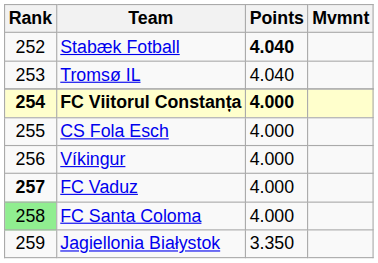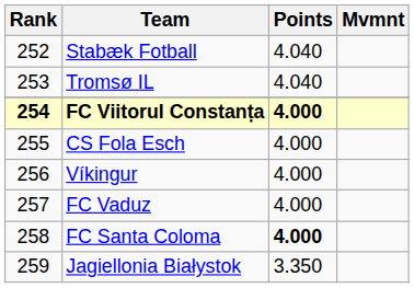 <table class="wikitable" style="text-align: center;">
 <tr>
 <th>Rank</th>
 <th>Team</th>
 <th>Points</th>
 <th>Mvmnt</th>
 </tr>
 <tr>
 <td>252</td>
 <td align=left> <a href='#'>Stabæk Fotball</a></td>
-<td align=left><strong>4.040</strong></td>
+<td align=left>4.040</td>
 <td align=left></td>
 </tr>
 <tr>
 <td>253</td>
 <td align=left> <a href='#'>Tromsø IL</a></td>
 <td align=left>4.040</td>
 <td align=left></td>
 </tr>
 <tr>
 </tr>
 <tr style="background:#ffc;">
 <td><strong>254</strong></td>
 <td align=left> <strong>FC Viitorul Constanța </strong></td>
 <td align=left><strong>4.000</strong></td>
 <td align=left></td>
 </tr>
 <tr>
 <td>255</td>
 <td align=left> <a href='#'>CS Fola Esch</a></td>
 <td align=left>4.000</td>
 <td align=left></td>
 </tr>
 <tr>
 <td>256</td>
 <td align=left> <a href='#'>Víkingur</a></td>
 <td align=left>4.000</td>
 <td align=left></td>
 </tr>
 <tr>
-<td><strong>257</strong></td>
+<td>257</td>
 <td align=left> <a href='#'>FC Vaduz</a></td>
 <td align=left>4.000</td>
 <td align=left></td>
 </tr>
 <tr>
-<td style="background: lightgreen;">258</td>
+<td>258</td>
 <td align=left> <a href='#'>FC Santa Coloma</a></td>
-<td align=left>4.000</td>
+<td align=left><strong>4.000</strong></td>
 <td align=left></td>
 </tr>
 <tr>
 <td>259</td>
 <td align=left> <a href='#'>Jagiellonia Białystok</a></td>
 <td align=left>3.350</td>
 <td align=left></td>
 </tr>
 </table>
